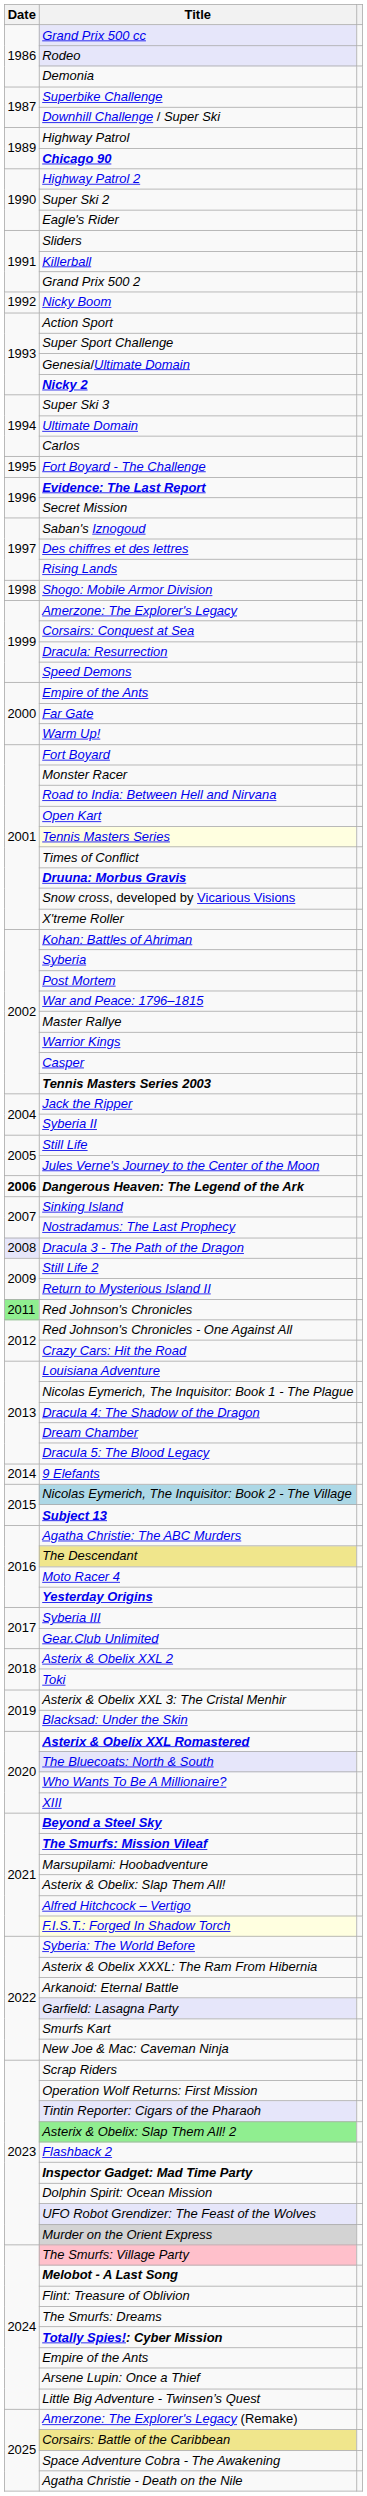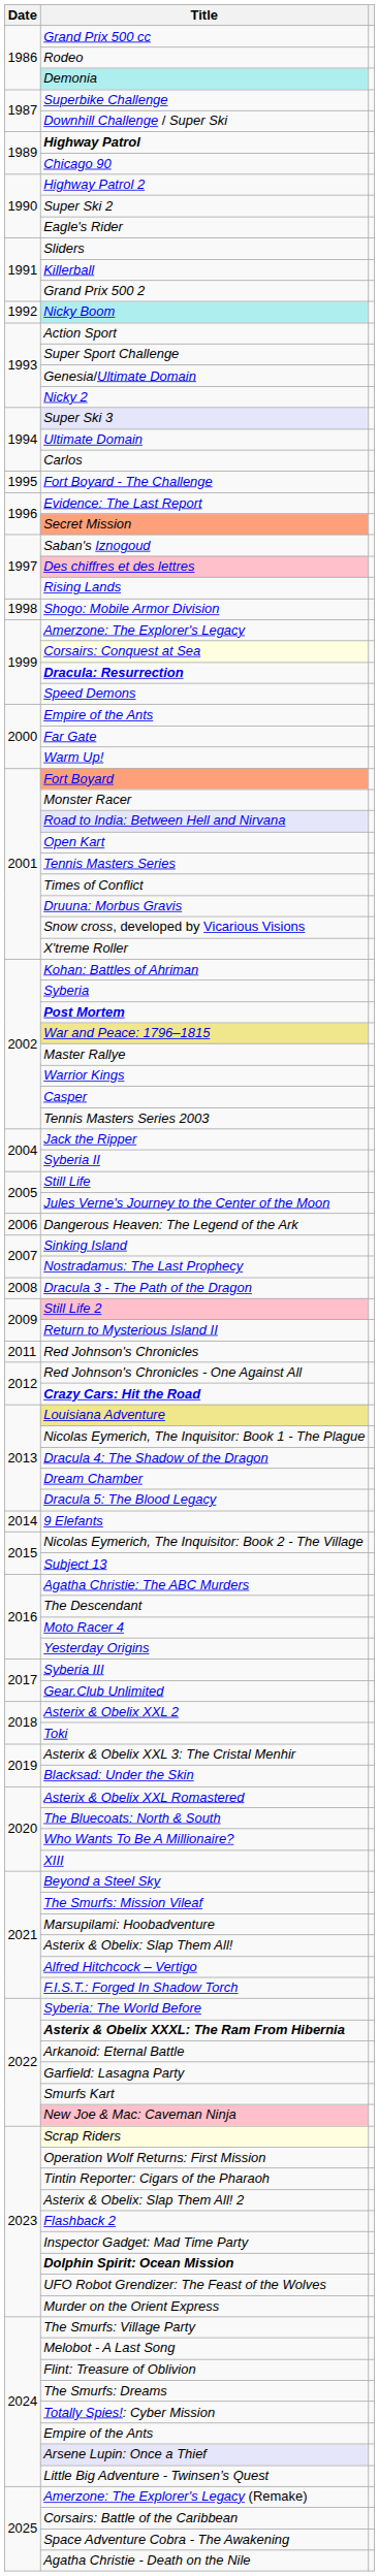 <table class="wikitable sortable">
 <tr>
 <th scope="col">Date</th>
 <th scope="col">Title</th>
 <th scope="col" class="unsortable"></th>
 </tr>
 <tr>
 <td rowspan="3">1986</td>
-<td style="background: lavender;"><em><a href='#'>Grand Prix 500 cc</a></em></td>
+<td><em><a href='#'>Grand Prix 500 cc</a></em></td>
 <td></td>
 </tr>
 <tr>
-<td style="background: lavender;"><em>Rodeo</em></td>
+<td><em>Rodeo</em></td>
 <td></td>
 </tr>
 <tr>
-<td><em>Demonia</em></td>
+<td style="background: paleturquoise;"><em>Demonia</em></td>
 <td></td>
 </tr>
 <tr>
 <td rowspan="2">1987</td>
 <td><em><a href='#'>Superbike Challenge</a></em></td>
 <td></td>
 </tr>
 <tr>
 <td><em><a href='#'>Downhill Challenge</a></em> / <em>Super Ski</em></td>
 <td></td>
 </tr>
 <tr>
 <td rowspan="2">1989</td>
-<td><em>Highway Patrol</em></td>
+<td><strong><em>Highway Patrol</em></strong></td>
 <td></td>
 </tr>
 <tr>
-<td><strong><em><a href='#'>Chicago 90</a></em></strong></td>
+<td><em><a href='#'>Chicago 90</a></em></td>
 <td></td>
 </tr>
 <tr>
 <td rowspan="3">1990</td>
 <td><em><a href='#'>Highway Patrol 2</a></em></td>
 <td></td>
 </tr>
 <tr>
 <td><em>Super Ski 2</em></td>
 <td></td>
 </tr>
 <tr>
 <td><em>Eagle's Rider</em></td>
 <td></td>
 </tr>
 <tr>
 <td rowspan="3">1991</td>
 <td><em>Sliders</em></td>
 <td></td>
 </tr>
 <tr>
 <td><em><a href='#'>Killerball</a></em></td>
 <td></td>
 </tr>
 <tr>
 <td><em>Grand Prix 500 2</em></td>
 <td></td>
 </tr>
 <tr>
 <td>1992</td>
-<td><em><a href='#'>Nicky Boom</a></em></td>
+<td style="background: paleturquoise;"><em><a href='#'>Nicky Boom</a></em></td>
 <td></td>
 </tr>
 <tr>
 <td rowspan="4">1993</td>
 <td><em>Action Sport</em></td>
 <td></td>
 </tr>
 <tr>
 <td><em>Super Sport Challenge</em></td>
 <td></td>
 </tr>
 <tr>
 <td><em>Genesia</em>/<em><a href='#'>Ultimate Domain</a></em></td>
 <td></td>
 </tr>
 <tr>
-<td><strong><em><a href='#'>Nicky 2</a></em></strong></td>
+<td><em><a href='#'>Nicky 2</a></em></td>
 <td></td>
 </tr>
 <tr>
 <td rowspan="3">1994</td>
-<td><em>Super Ski 3</em></td>
+<td style="background: lavender;"><em>Super Ski 3</em></td>
 <td></td>
 </tr>
 <tr>
 <td><em><a href='#'>Ultimate Domain</a></em></td>
 <td></td>
 </tr>
 <tr>
 <td><em>Carlos</em></td>
 <td></td>
 </tr>
 <tr>
 <td>1995</td>
 <td><em><a href='#'>Fort Boyard - The Challenge</a></em></td>
 <td></td>
 </tr>
 <tr>
 <td rowspan="2">1996</td>
-<td><strong><em><a href='#'>Evidence: The Last Report</a></em></strong></td>
+<td><em><a href='#'>Evidence: The Last Report</a></em></td>
 <td></td>
 </tr>
 <tr>
-<td><em>Secret Mission</em></td>
+<td style="background: lightsalmon;"><em>Secret Mission</em></td>
 <td></td>
 </tr>
 <tr>
 <td rowspan="3">1997</td>
 <td><em>Saban's <a href='#'>Iznogoud</a></em></td>
 <td></td>
 </tr>
 <tr>
-<td><em><a href='#'>Des chiffres et des lettres</a></em></td>
+<td style="background: pink;"><em><a href='#'>Des chiffres et des lettres</a></em></td>
 <td></td>
 </tr>
 <tr>
 <td><em><a href='#'>Rising Lands</a></em></td>
 <td></td>
 </tr>
 <tr>
 <td>1998</td>
 <td><em><a href='#'>Shogo: Mobile Armor Division</a></em></td>
 <td></td>
 </tr>
 <tr>
 <td rowspan="4">1999</td>
 <td><em><a href='#'>Amerzone: The Explorer's Legacy</a></em></td>
 <td></td>
 </tr>
 <tr>
-<td><em><a href='#'>Corsairs: Conquest at Sea</a></em></td>
+<td style="background: lightyellow;"><em><a href='#'>Corsairs: Conquest at Sea</a></em></td>
 <td></td>
 </tr>
 <tr>
-<td><em><a href='#'>Dracula: Resurrection</a></em></td>
+<td><strong><em><a href='#'>Dracula: Resurrection</a></em></strong></td>
 <td></td>
 </tr>
 <tr>
 <td><em><a href='#'>Speed Demons</a></em></td>
 <td></td>
 </tr>
 <tr>
 <td rowspan="3">2000</td>
 <td><em><a href='#'>Empire of the Ants</a></em></td>
 <td></td>
 </tr>
 <tr>
 <td><em><a href='#'>Far Gate</a></em></td>
 <td></td>
 </tr>
 <tr>
 <td><em><a href='#'>Warm Up!</a></em></td>
 <td></td>
 </tr>
 <tr>
 <td rowspan="9">2001</td>
-<td><em><a href='#'>Fort Boyard</a></em></td>
+<td style="background: lightsalmon;"><em><a href='#'>Fort Boyard</a></em></td>
 <td></td>
 </tr>
 <tr>
 <td><em>Monster Racer</em></td>
 <td></td>
 </tr>
 <tr>
-<td><em><a href='#'>Road to India: Between Hell and Nirvana</a></em></td>
+<td style="background: lavender;"><em><a href='#'>Road to India: Between Hell and Nirvana</a></em></td>
 <td></td>
 </tr>
 <tr>
 <td><em><a href='#'>Open Kart</a></em></td>
 <td></td>
 </tr>
 <tr>
-<td style="background: lightyellow;"><em><a href='#'>Tennis Masters Series</a></em></td>
+<td><em><a href='#'>Tennis Masters Series</a></em></td>
 <td></td>
 </tr>
 <tr>
 <td><em>Times of Conflict</em></td>
 <td></td>
 </tr>
 <tr>
-<td><strong><em><a href='#'>Druuna: Morbus Gravis</a></em></strong></td>
+<td><em><a href='#'>Druuna: Morbus Gravis</a></em></td>
 <td></td>
 </tr>
 <tr>
 <td><em>Snow cross</em>, developed by <a href='#'>Vicarious Visions</a></td>
 <td></td>
 </tr>
 <tr>
 <td><em>X'treme Roller</em></td>
 <td></td>
 </tr>
 <tr>
 <td rowspan="8">2002</td>
 <td><em><a href='#'>Kohan: Battles of Ahriman</a></em></td>
 <td></td>
 </tr>
 <tr>
 <td><em><a href='#'>Syberia</a></em></td>
 <td></td>
 </tr>
 <tr>
-<td><em><a href='#'>Post Mortem</a></em></td>
+<td><strong><em><a href='#'>Post Mortem</a></em></strong></td>
 <td></td>
 </tr>
 <tr>
-<td><em><a href='#'>War and Peace: 1796–1815</a></em></td>
+<td style="background: khaki;"><em><a href='#'>War and Peace: 1796–1815</a></em></td>
 <td></td>
 </tr>
 <tr>
 <td><em>Master Rallye</em></td>
 <td></td>
 </tr>
 <tr>
 <td><em><a href='#'>Warrior Kings</a></em></td>
 <td></td>
 </tr>
 <tr>
 <td><em><a href='#'>Casper</a></em></td>
 <td></td>
 </tr>
 <tr>
-<td><strong><em>Tennis Masters Series 2003</em></strong></td>
+<td><em>Tennis Masters Series 2003</em></td>
 <td></td>
 </tr>
 <tr>
 <td rowspan="2">2004</td>
 <td><em><a href='#'>Jack the Ripper</a></em></td>
 <td></td>
 </tr>
 <tr>
 <td><em><a href='#'>Syberia II</a></em></td>
 <td></td>
 </tr>
 <tr>
 <td rowspan="2">2005</td>
 <td><em><a href='#'>Still Life</a></em></td>
 <td></td>
 </tr>
 <tr>
 <td><em><a href='#'>Jules Verne's Journey to the Center of the Moon</a></em></td>
 <td></td>
 </tr>
 <tr>
-<td><strong>2006</strong></td>
-<td><strong><em>Dangerous Heaven: The Legend of the Ark</em></strong></td>
+<td>2006</td>
+<td><em>Dangerous Heaven: The Legend of the Ark</em></td>
 <td></td>
 </tr>
 <tr>
 <td rowspan="2">2007</td>
 <td><em><a href='#'>Sinking Island</a></em></td>
 <td></td>
 </tr>
 <tr>
 <td><em><a href='#'>Nostradamus: The Last Prophecy</a></em></td>
 <td></td>
 </tr>
 <tr>
-<td style="background: lavender;">2008</td>
+<td>2008</td>
 <td><em><a href='#'>Dracula 3 - The Path of the Dragon</a></em></td>
 <td></td>
 </tr>
 <tr>
 <td rowspan="2">2009</td>
-<td><em><a href='#'>Still Life 2</a></em></td>
+<td style="background: pink;"><em><a href='#'>Still Life 2</a></em></td>
 <td></td>
 </tr>
 <tr>
 <td><em><a href='#'>Return to Mysterious Island II</a></em></td>
 <td></td>
 </tr>
 <tr>
-<td style="background: lightgreen;">2011</td>
+<td>2011</td>
 <td><em>Red Johnson's Chronicles</em></td>
 <td></td>
 </tr>
 <tr>
 <td rowspan="2">2012</td>
 <td><em>Red Johnson's Chronicles - One Against All</em></td>
 <td></td>
 </tr>
 <tr>
-<td><em><a href='#'>Crazy Cars: Hit the Road</a></em></td>
+<td><strong><em><a href='#'>Crazy Cars: Hit the Road</a></em></strong></td>
 <td></td>
 </tr>
 <tr>
 <td rowspan="5">2013</td>
-<td><em><a href='#'>Louisiana Adventure</a></em></td>
+<td style="background: khaki;"><em><a href='#'>Louisiana Adventure</a></em></td>
 <td></td>
 </tr>
 <tr>
 <td><em>Nicolas Eymerich, The Inquisitor: Book 1 - The Plague</em></td>
 <td></td>
 </tr>
 <tr>
 <td><em><a href='#'>Dracula 4: The Shadow of the Dragon</a></em></td>
 <td></td>
 </tr>
 <tr>
 <td><em><a href='#'>Dream Chamber</a></em></td>
 <td></td>
 </tr>
 <tr>
 <td><em><a href='#'>Dracula 5: The Blood Legacy</a></em></td>
 <td></td>
 </tr>
 <tr>
 <td>2014</td>
 <td><em><a href='#'>9 Elefants</a></em></td>
 <td></td>
 </tr>
 <tr>
 <td rowspan="2">2015</td>
-<td style="background: lightblue;"><em>Nicolas Eymerich, The Inquisitor: Book 2 - The Village</em></td>
+<td><em>Nicolas Eymerich, The Inquisitor: Book 2 - The Village</em></td>
 <td></td>
 </tr>
 <tr>
-<td><strong><em><a href='#'>Subject 13</a></em></strong></td>
+<td><em><a href='#'>Subject 13</a></em></td>
 <td></td>
 </tr>
 <tr>
 <td rowspan="4">2016</td>
 <td><em><a href='#'>Agatha Christie: The ABC Murders</a></em></td>
 <td></td>
 </tr>
 <tr>
-<td style="background: khaki;"><em>The Descendant</em></td>
+<td><em>The Descendant</em></td>
 <td></td>
 </tr>
 <tr>
 <td><em><a href='#'>Moto Racer 4</a></em></td>
 <td></td>
 </tr>
 <tr>
-<td><strong><em><a href='#'>Yesterday Origins</a></em></strong></td>
+<td><em><a href='#'>Yesterday Origins</a></em></td>
 <td></td>
 </tr>
 <tr>
 <td rowspan="2">2017</td>
 <td><em><a href='#'>Syberia III</a></em></td>
 <td></td>
 </tr>
 <tr>
 <td><em><a href='#'>Gear.Club Unlimited</a></em></td>
 <td></td>
 </tr>
 <tr>
 <td rowspan="2">2018</td>
 <td><em><a href='#'>Asterix & Obelix XXL 2</a></em></td>
 <td></td>
 </tr>
 <tr>
 <td><em><a href='#'>Toki</a></em></td>
 <td></td>
 </tr>
 <tr>
 <td rowspan="2">2019</td>
 <td><em>Asterix & Obelix XXL 3: The Cristal Menhir</em></td>
 <td></td>
 </tr>
 <tr>
 <td><em><a href='#'>Blacksad: Under the Skin</a></em></td>
 <td></td>
 </tr>
 <tr>
 <td rowspan="4">2020</td>
-<td><strong><em><a href='#'>Asterix & Obelix XXL Romastered</a></em></strong></td>
+<td><em><a href='#'>Asterix & Obelix XXL Romastered</a></em></td>
 <td></td>
 </tr>
 <tr>
-<td style="background: lavender;"><em><a href='#'>The Bluecoats: North & South</a></em></td>
+<td><em><a href='#'>The Bluecoats: North & South</a></em></td>
 <td></td>
 </tr>
 <tr>
 <td><em><a href='#'>Who Wants To Be A Millionaire?</a></em></td>
 <td></td>
 </tr>
 <tr>
 <td><em><a href='#'>XIII</a></em></td>
 <td></td>
 </tr>
 <tr>
 <td rowspan="6">2021</td>
-<td><strong><em><a href='#'>Beyond a Steel Sky</a></em></strong></td>
+<td><em><a href='#'>Beyond a Steel Sky</a></em></td>
 <td></td>
 </tr>
 <tr>
-<td><strong><em><a href='#'>The Smurfs: Mission Vileaf</a></em></strong></td>
+<td><em><a href='#'>The Smurfs: Mission Vileaf</a></em></td>
 <td></td>
 </tr>
 <tr>
 <td><em>Marsupilami: Hoobadventure</em></td>
 <td></td>
 </tr>
 <tr>
 <td><em>Asterix & Obelix: Slap Them All!</em></td>
 <td></td>
 </tr>
 <tr>
 <td><em><a href='#'>Alfred Hitchcock – Vertigo</a></em></td>
 <td></td>
 </tr>
 <tr>
-<td style="background: lightyellow;"><em><a href='#'>F.I.S.T.: Forged In Shadow Torch</a></em></td>
+<td><em><a href='#'>F.I.S.T.: Forged In Shadow Torch</a></em></td>
 <td></td>
 </tr>
 <tr>
 <td rowspan="6">2022</td>
 <td><em><a href='#'>Syberia: The World Before</a></em></td>
 <td></td>
 </tr>
 <tr>
-<td><em>Asterix & Obelix XXXL: The Ram From Hibernia</em></td>
+<td><strong><em>Asterix & Obelix XXXL: The Ram From Hibernia</em></strong></td>
 <td></td>
 </tr>
 <tr>
 <td><em>Arkanoid: Eternal Battle</em></td>
 <td></td>
 </tr>
 <tr>
-<td style="background: lavender;"><em>Garfield: Lasagna Party</em></td>
+<td><em>Garfield: Lasagna Party</em></td>
 <td></td>
 </tr>
 <tr>
 <td><em>Smurfs Kart</em></td>
 <td></td>
 </tr>
 <tr>
-<td><em>New Joe & Mac: Caveman Ninja</em></td>
+<td style="background: pink;"><em>New Joe & Mac: Caveman Ninja</em></td>
 <td></td>
 </tr>
 <tr>
 <td rowspan="9">2023</td>
-<td><em>Scrap Riders</em></td>
+<td style="background: lightyellow;"><em>Scrap Riders</em></td>
 <td></td>
 </tr>
 <tr>
 <td><em>Operation Wolf Returns: First Mission</em></td>
 <td></td>
 </tr>
 <tr>
-<td style="background: lavender;"><em>Tintin Reporter: Cigars of the Pharaoh</em></td>
+<td><em>Tintin Reporter: Cigars of the Pharaoh</em></td>
 <td></td>
 </tr>
 <tr>
-<td style="background: lightgreen;"><em>Asterix & Obelix: Slap Them All! 2</em></td>
+<td><em>Asterix & Obelix: Slap Them All! 2</em></td>
 <td></td>
 </tr>
 <tr>
 <td><em><a href='#'>Flashback 2</a></em></td>
 <td></td>
 </tr>
 <tr>
-<td><strong><em>Inspector Gadget: Mad Time Party</em></strong></td>
+<td><em>Inspector Gadget: Mad Time Party</em></td>
 <td></td>
 </tr>
 <tr>
-<td><em>Dolphin Spirit: Ocean Mission</em></td>
+<td><strong><em>Dolphin Spirit: Ocean Mission</em></strong></td>
 <td></td>
 </tr>
 <tr>
-<td style="background: lavender;"><em>UFO Robot Grendizer: The Feast of the Wolves</em></td>
+<td><em>UFO Robot Grendizer: The Feast of the Wolves</em></td>
 <td></td>
 </tr>
 <tr>
-<td style="background: lightgrey;"><em>Murder on the Orient Express</em></td>
+<td><em>Murder on the Orient Express</em></td>
 <td></td>
 </tr>
 <tr>
 <td rowspan="8">2024</td>
-<td style="background: pink;"><em>The Smurfs: Village Party</em></td>
+<td><em>The Smurfs: Village Party</em></td>
 <td></td>
 </tr>
 <tr>
-<td><strong><em>Melobot - A Last Song</em></strong></td>
+<td><em>Melobot - A Last Song</em></td>
 <td></td>
 </tr>
 <tr>
 <td><em>Flint: Treasure of Oblivion</em></td>
 <td></td>
 </tr>
 <tr>
 <td><em>The Smurfs: Dreams</em></td>
 <td></td>
 </tr>
 <tr>
-<td><strong><em><a href='#'>Totally Spies!</a>: Cyber Mission</em></strong></td>
+<td><em><a href='#'>Totally Spies!</a>: Cyber Mission</em></td>
 <td></td>
 </tr>
 <tr>
 <td><em>Empire of the Ants</em></td>
 <td></td>
 </tr>
 <tr>
-<td><em>Arsene Lupin: Once a Thief</em></td>
+<td style="background: lavender;"><em>Arsene Lupin: Once a Thief</em></td>
 <td></td>
 </tr>
 <tr>
 <td><em>Little Big Adventure - Twinsen’s Quest</em></td>
 <td></td>
 </tr>
 <tr>
 <td rowspan="4">2025</td>
 <td><em><a href='#'>Amerzone: The Explorer's Legacy</a></em> (Remake)</td>
 <td></td>
 </tr>
 <tr>
-<td style="background: khaki;"><em>Corsairs: Battle of the Caribbean</em></td>
+<td><em>Corsairs: Battle of the Caribbean</em></td>
 <td></td>
 </tr>
 <tr>
 <td><em>Space Adventure Cobra - The Awakening</em></td>
 <td></td>
 </tr>
 <tr>
 <td><em>Agatha Christie - Death on the Nile</em></td>
 <td></td>
 </tr>
 </table>
